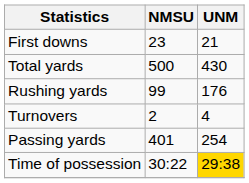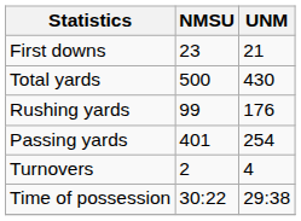 <table class="wikitable" style="float: left;">
 <tr>
 <th>Statistics</th>
 <th>NMSU</th>
 <th>UNM</th>
 </tr>
 <tr>
 <td>First downs</td>
 <td>23</td>
 <td>21</td>
 </tr>
 <tr>
 <td>Total yards</td>
 <td>500</td>
 <td>430</td>
 </tr>
 <tr>
 <td>Rushing yards</td>
 <td>99</td>
 <td>176</td>
 </tr>
 <tr>
+<td>Passing yards</td>
+<td>401</td>
+<td>254</td>
+</tr>
+<tr>
 <td>Turnovers</td>
 <td>2</td>
 <td>4</td>
 </tr>
 <tr>
-<td>Passing yards</td>
-<td>401</td>
-<td>254</td>
-</tr>
-<tr>
 <td>Time of possession</td>
 <td>30:22</td>
-<td style="background: gold;">29:38</td>
+<td>29:38</td>
 </tr>
 <tr>
 </tr>
 </table>
